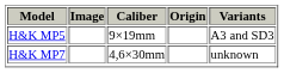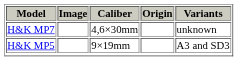 <table border=1 style="border-collapse:">
 <tr bgcolor=ccccc>
 <th>Model</th>
 <th>Image</th>
 <th>Caliber</th>
 <th>Origin</th>
 <th>Variants</th>
 </tr>
 <tr>
+<td><a href='#'>H&K MP7</a></td>
+<td></td>
+<td>4,6×30mm</td>
+<td></td>
+<td>unknown</td>
+</tr>
+<tr>
 <td><a href='#'>H&K MP5</a></td>
 <td></td>
 <td>9×19mm</td>
 <td></td>
 <td>A3 and SD3</td>
 </tr>
 <tr>
-<td><a href='#'>H&K MP7</a></td>
-<td></td>
-<td>4,6×30mm</td>
-<td></td>
-<td>unknown</td>
-</tr>
-<tr>
 </tr>
 </table>
